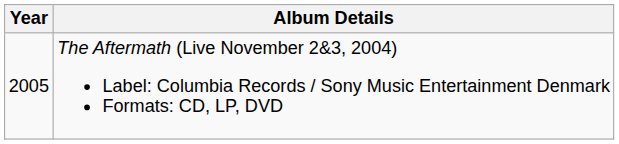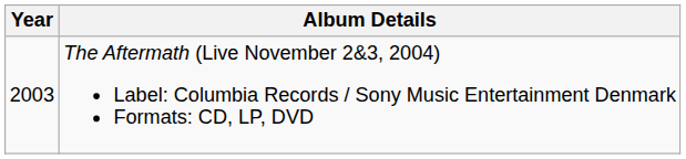 <table class="wikitable">
 <tr>
 <th>Year</th>
 <th>Album Details</th>
 </tr>
 <tr>
-<td style="test-align:center;">2005</td>
+<td style="test-align:center;">2003</td>
 <td><em>The Aftermath</em> (Live November 2&3, 2004)<br><ul><li>Label: Columbia Records / Sony Music Entertainment Denmark</li><li>Formats: CD, LP, DVD</li></ul></td>
 </tr>
 </table>
